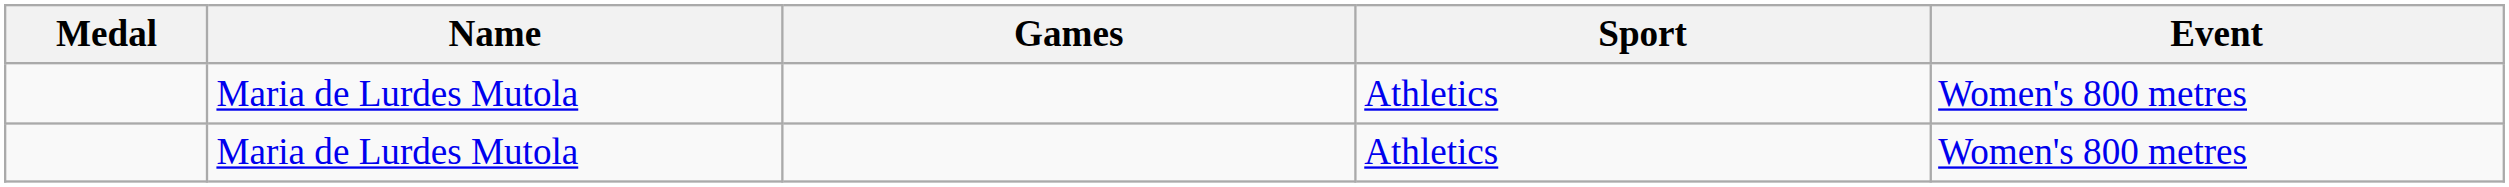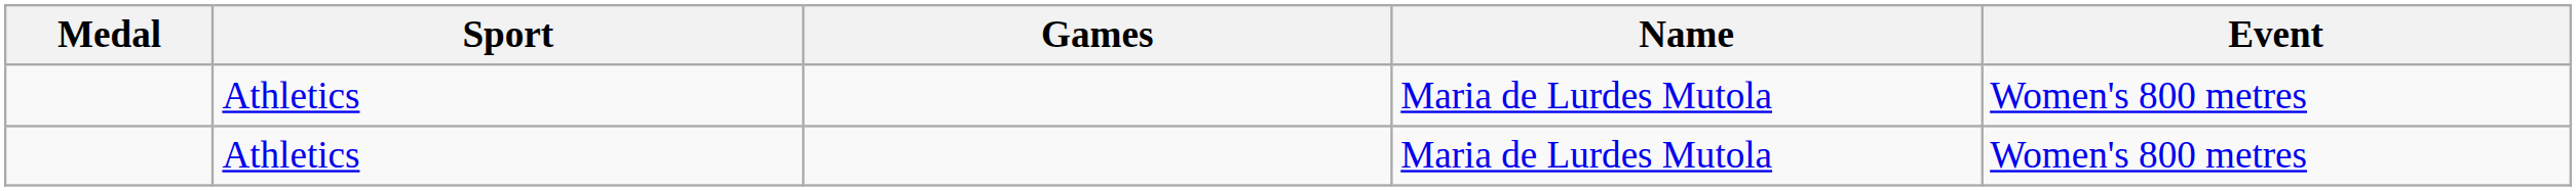 <table class="sortable wikitable">
 <tr>
 <th style="width:5em">Medal</th>
+<th style="width:15em">Sport</th>
+<th style="width:15em">Games</th>
 <th style="width:15em">Name</th>
-<th style="width:15em">Games</th>
-<th style="width:15em">Sport</th>
 <th style="width:15em">Event</th>
 </tr>
 <tr>
 <td></td>
+<td> <a href='#'>Athletics</a></td>
+<td></td>
 <td><a href='#'>Maria de Lurdes Mutola</a></td>
-<td></td>
-<td> <a href='#'>Athletics</a></td>
 <td><a href='#'>Women's 800 metres</a></td>
 </tr>
 <tr>
 <td></td>
+<td> <a href='#'>Athletics</a></td>
+<td></td>
 <td><a href='#'>Maria de Lurdes Mutola</a></td>
-<td></td>
-<td> <a href='#'>Athletics</a></td>
 <td><a href='#'>Women's 800 metres</a></td>
 </tr>
 </table>
